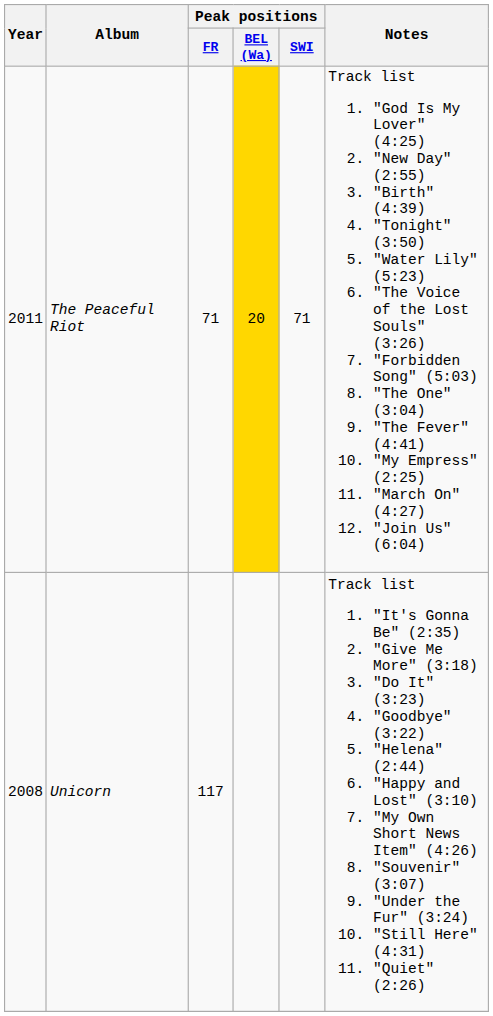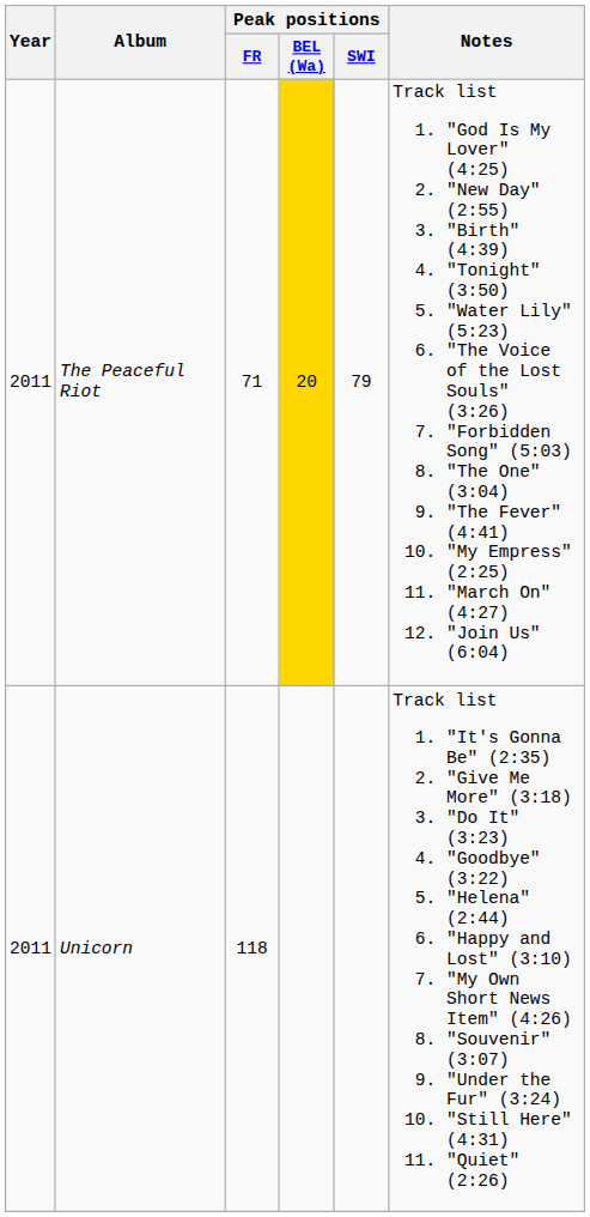 <table class="wikitable">
 <tr>
 <th align="center" rowspan="2" width="10">Year</th>
 <th align="center" rowspan="2" width="120">Album</th>
 <th align="center" colspan="3" width="20">Peak positions</th>
 <th align="center" rowspan="2" width="140">Notes</th>
 </tr>
 <tr>
 <th scope="col" style="width:3em;font-size:90%;"><a href='#'>FR</a><br></th>
 <th scope="col" style="width:3em;font-size:90%;"><a href='#'>BEL <br>(Wa)</a><br></th>
 <th scope="col" style="width:3em;font-size:90%;"><a href='#'>SWI</a><br></th>
 </tr>
 <tr>
 <td style="text-align:center;">2011</td>
 <td><em>The Peaceful Riot</em></td>
 <td style="text-align:center;">71</td>
 <td style="background: gold; text-align:center;">20</td>
-<td style="text-align:center;">71</td>
+<td style="text-align:center;">79</td>
 <td>Track list<br><ol><li>"God Is My Lover" (4:25)</li><li>"New Day" (2:55)</li><li>"Birth" (4:39)</li><li>"Tonight" (3:50)</li><li>"Water Lily" (5:23)</li><li>"The Voice of the Lost Souls" (3:26)</li><li>"Forbidden Song" (5:03)</li><li>"The One" (3:04)</li><li>"The Fever" (4:41)</li><li>"My Empress" (2:25)</li><li>"March On" (4:27)</li><li>"Join Us" (6:04)</li></ol></td>
 </tr>
 <tr>
-<td style="text-align:center;">2008</td>
+<td style="text-align:center;">2011</td>
 <td><em>Unicorn</em></td>
-<td style="text-align:center;">117</td>
+<td style="text-align:center;">118</td>
 <td style="text-align:center;"></td>
 <td style="text-align:center;"></td>
 <td>Track list<br><ol><li>"It's Gonna Be" (2:35)</li><li>"Give Me More" (3:18)</li><li>"Do It" (3:23)</li><li>"Goodbye" (3:22)</li><li>"Helena" (2:44)</li><li>"Happy and Lost" (3:10)</li><li>"My Own Short News Item" (4:26)</li><li>"Souvenir" (3:07)</li><li>"Under the Fur" (3:24)</li><li>"Still Here" (4:31)</li><li>"Quiet" (2:26)</li></ol></td>
 </tr>
 <tr>
 </tr>
 </table>
